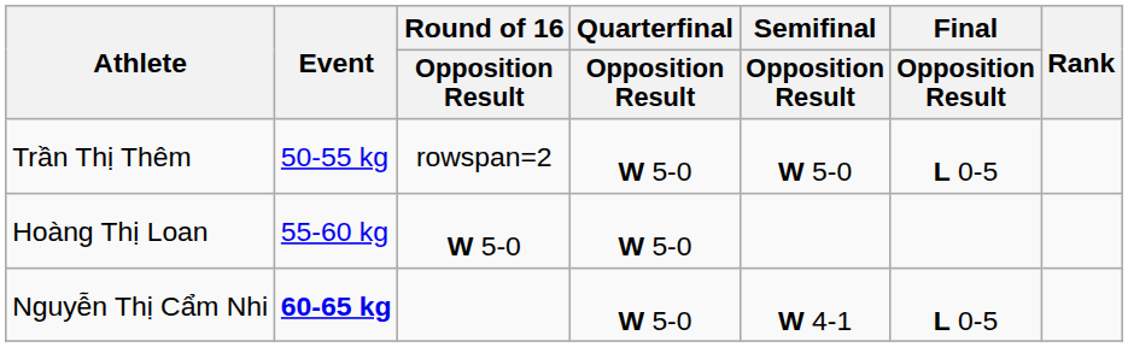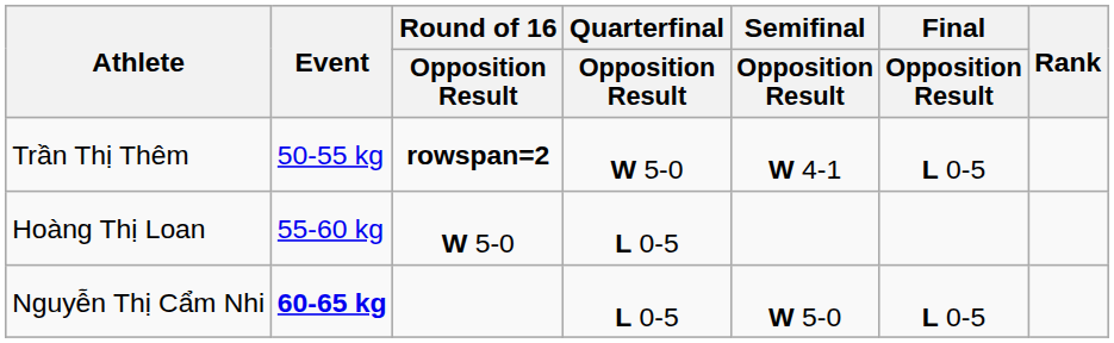 <table class=wikitable style=font-size:90%;text-align:center>
 <tr>
 <th rowspan="2">Athlete</th>
 <th rowspan="2">Event</th>
 <th>Round of 16</th>
 <th>Quarterfinal</th>
 <th>Semifinal</th>
 <th>Final</th>
 <th rowspan="2">Rank</th>
 </tr>
 <tr style="font-size:95%">
 <th>Opposition<br>Result</th>
 <th>Opposition<br>Result</th>
 <th>Opposition<br>Result</th>
 <th>Opposition<br>Result</th>
 </tr>
 <tr>
 <td align=left>Trần Thị Thêm</td>
 <td align=left><a href='#'>50-55 kg</a></td>
-<td>rowspan=2</td>
+<td><strong>rowspan=2</strong></td>
 <td><br><strong>W</strong> 5-0</td>
-<td><br><strong>W</strong> 5-0</td>
+<td><br><strong>W</strong> 4-1</td>
 <td><br><strong>L</strong> 0-5</td>
 <td></td>
 </tr>
 <tr>
 <td align=left>Hoàng Thị Loan</td>
 <td align=left><a href='#'>55-60 kg</a></td>
 <td><br><strong>W</strong> 5-0</td>
-<td><br><strong>W</strong> 5-0</td>
+<td><br><strong>L</strong> 0-5</td>
 <td></td>
 <td></td>
 </tr>
 <tr>
 <td align=left>Nguyễn Thị Cẩm Nhi</td>
 <td align=left><strong><a href='#'>60-65 kg</a></strong></td>
 <td></td>
+<td><br><strong>L</strong> 0-5</td>
 <td><br><strong>W</strong> 5-0</td>
-<td><br><strong>W</strong> 4-1</td>
 <td><br><strong>L</strong> 0-5</td>
 <td></td>
 </tr>
 </table>
